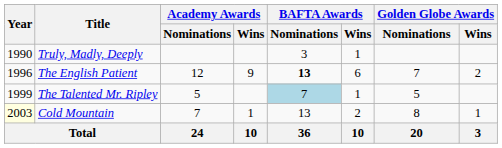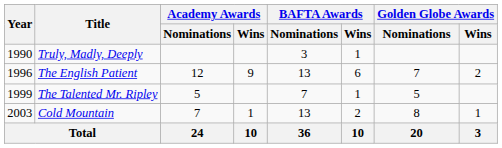 <table class="wikitable">
 <tr>
 <th rowspan="2">Year</th>
 <th rowspan="2">Title</th>
 <th colspan="2" style="text-align:center;"><a href='#'>Academy Awards</a></th>
 <th colspan="2" style="text-align:center;"><a href='#'>BAFTA Awards</a></th>
 <th colspan="2" style="text-align:center;"><a href='#'>Golden Globe Awards</a></th>
 </tr>
 <tr>
 <th>Nominations</th>
 <th>Wins</th>
 <th>Nominations</th>
 <th>Wins</th>
 <th>Nominations</th>
 <th>Wins</th>
 </tr>
 <tr>
 <td>1990</td>
 <td><em><a href='#'>Truly, Madly, Deeply</a></em></td>
 <td></td>
 <td></td>
 <td align=center>3</td>
 <td align=center>1</td>
 <td></td>
 <td></td>
 </tr>
 <tr>
 <td>1996</td>
 <td><em><a href='#'>The English Patient</a></em></td>
 <td align=center>12</td>
 <td align=center>9</td>
-<td align=center><strong>13</strong></td>
+<td align=center>13</td>
 <td align=center>6</td>
 <td align=center>7</td>
 <td align=center>2</td>
 </tr>
 <tr>
 <td>1999</td>
 <td><em><a href='#'>The Talented Mr. Ripley</a></em></td>
 <td align=center>5</td>
 <td></td>
-<td align=center style="background: lightblue;">7</td>
+<td align=center>7</td>
 <td align=center>1</td>
 <td align=center>5</td>
 <td></td>
 </tr>
 <tr>
-<td style="background: lightyellow;">2003</td>
+<td>2003</td>
 <td><em><a href='#'>Cold Mountain</a></em></td>
 <td align=center>7</td>
 <td align=center>1</td>
 <td align=center>13</td>
 <td align=center>2</td>
 <td align=center>8</td>
 <td align=center>1</td>
 </tr>
 <tr>
 <th colspan="2">Total</th>
 <th align=center>24</th>
 <th align=center>10</th>
 <th align=center>36</th>
 <th align=center>10</th>
 <th align=center>20</th>
 <th align=center>3</th>
 </tr>
 </table>
